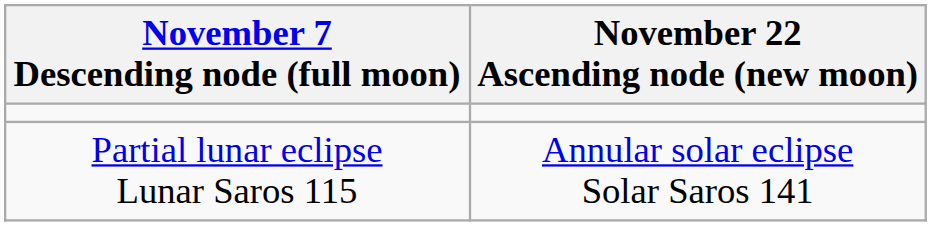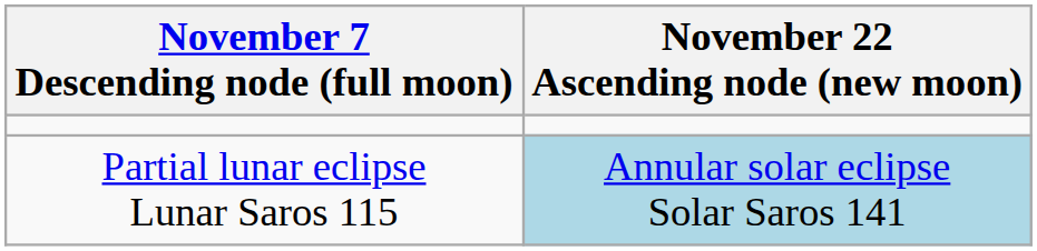 <table class="wikitable">
 <tr>
 <th><a href='#'>November 7</a><br>Descending node (full moon)</th>
 <th>November 22<br>Ascending node (new moon)</th>
 </tr>
 <tr>
 <td></td>
 <td></td>
 </tr>
 <tr align=center>
 <td><a href='#'>Partial lunar eclipse</a><br>Lunar Saros 115</td>
-<td><a href='#'>Annular solar eclipse</a><br>Solar Saros 141</td>
+<td style="background: lightblue;"><a href='#'>Annular solar eclipse</a><br>Solar Saros 141</td>
 </tr>
 </table>
